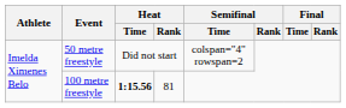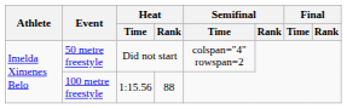 <table class="wikitable" style="text-align:center; font-size:90%; width:50%;">
 <tr>
 <th rowspan="2">Athlete</th>
 <th rowspan="2">Event</th>
 <th colspan="2">Heat</th>
 <th colspan="2">Semifinal</th>
 <th colspan="2">Final</th>
 </tr>
 <tr style="font-size:95%">
 <th>Time</th>
 <th>Rank</th>
 <th>Time</th>
 <th>Rank</th>
 <th>Time</th>
 <th>Rank</th>
 </tr>
 <tr>
 <td align=left rowspan=2><a href='#'>Imelda Ximenes Belo</a></td>
 <td align=left><a href='#'>50 metre freestyle</a></td>
 <td colspan="2">Did not start</td>
 <td>colspan="4" rowspan=2 </td>
 </tr>
 <tr>
 <td align=left><a href='#'>100 metre freestyle</a></td>
-<td><strong>1:15.56</strong></td>
-<td>81</td>
+<td>1:15.56</td>
+<td>88</td>
 </tr>
 </table>
